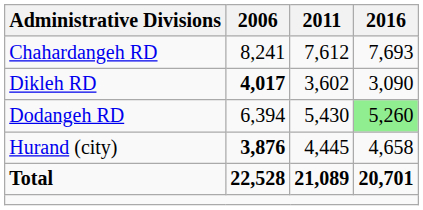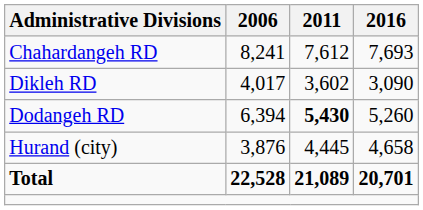 <table class="wikitable">
 <tr>
 <th>Administrative Divisions</th>
 <th>2006</th>
 <th>2011</th>
 <th>2016</th>
 </tr>
 <tr>
 <td><a href='#'>Chahardangeh RD</a></td>
 <td style="text-align: right;">8,241</td>
 <td style="text-align: right;">7,612</td>
 <td style="text-align: right;">7,693</td>
 </tr>
 <tr>
 <td><a href='#'>Dikleh RD</a></td>
-<td style="text-align: right;"><strong>4,017</strong></td>
+<td style="text-align: right;">4,017</td>
 <td style="text-align: right;">3,602</td>
 <td style="text-align: right;">3,090</td>
 </tr>
 <tr>
 <td><a href='#'>Dodangeh RD</a></td>
 <td style="text-align: right;">6,394</td>
-<td style="text-align: right;">5,430</td>
-<td style="background: lightgreen; text-align: right;">5,260</td>
+<td style="text-align: right;"><strong>5,430</strong></td>
+<td style="text-align: right;">5,260</td>
 </tr>
 <tr>
 <td><a href='#'>Hurand</a> (city)</td>
-<td style="text-align: right;"><strong>3,876</strong></td>
+<td style="text-align: right;">3,876</td>
 <td style="text-align: right;">4,445</td>
 <td style="text-align: right;">4,658</td>
 </tr>
 <tr>
 <td><strong>Total</strong></td>
 <td style="text-align: right;"><strong>22,528</strong></td>
 <td style="text-align: right;"><strong>21,089</strong></td>
 <td style="text-align: right;"><strong>20,701</strong></td>
 </tr>
 <tr>
 <td colspan=4></td>
 </tr>
 </table>
